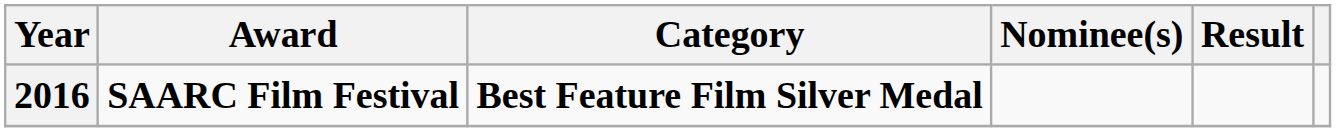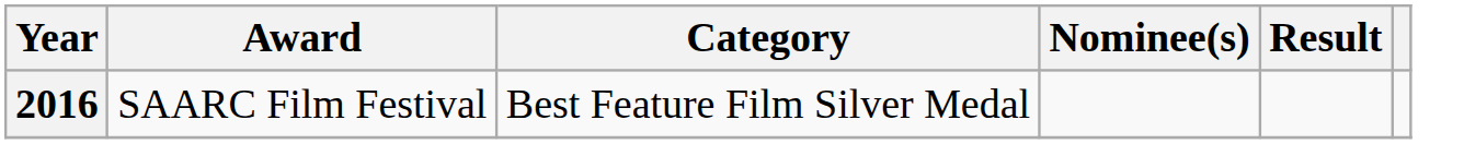 <table class="wikitable">
 <tr>
 <th>Year</th>
 <th>Award</th>
 <th>Category</th>
 <th>Nominee(s)</th>
 <th>Result</th>
 <th></th>
 </tr>
 <tr>
 <th>2016</th>
-<td><strong>SAARC Film Festival</strong></td>
-<td><strong>Best Feature Film Silver Medal</strong></td>
+<td>SAARC Film Festival</td>
+<td>Best Feature Film Silver Medal</td>
 <td></td>
 <td></td>
 <td></td>
 </tr>
 <tr>
 </tr>
 </table>
